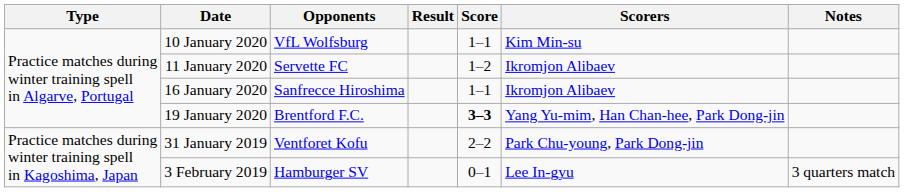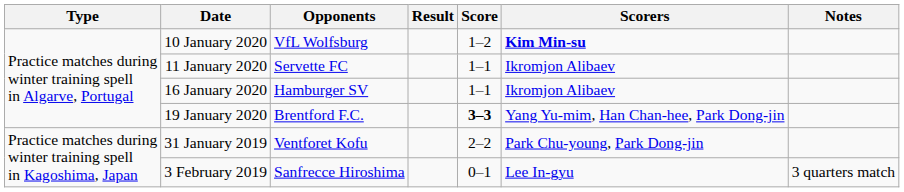 <table class="wikitable" style="text-align:center">
 <tr>
 <th>Type</th>
 <th>Date</th>
 <th>Opponents</th>
 <th>Result</th>
 <th>Score</th>
 <th>Scorers</th>
 <th>Notes</th>
 </tr>
 <tr>
 <td rowspan=4 align=left>Practice matches during<br>winter training spell <br>in <a href='#'>Algarve</a>, <a href='#'>Portugal</a></td>
 <td align=right>10 January 2020</td>
 <td align=left> <a href='#'>VfL Wolfsburg</a></td>
 <td></td>
-<td>1–1</td>
-<td align=left> <a href='#'>Kim Min-su</a></td>
+<td>1–2</td>
+<td align=left><strong> <a href='#'>Kim Min-su</a></strong></td>
 <td></td>
 </tr>
 <tr>
 <td align=right>11 January 2020</td>
 <td align=left> <a href='#'>Servette FC</a></td>
 <td></td>
-<td>1–2</td>
+<td>1–1</td>
 <td align=left> <a href='#'>Ikromjon Alibaev</a></td>
 <td></td>
 </tr>
 <tr>
 <td align=right>16 January 2020</td>
-<td align=left> <a href='#'>Sanfrecce Hiroshima</a></td>
+<td align=left> <a href='#'>Hamburger SV</a></td>
 <td></td>
 <td>1–1</td>
 <td align=left> <a href='#'>Ikromjon Alibaev</a></td>
 <td></td>
 </tr>
 <tr>
 <td align=right>19 January 2020</td>
 <td align=left> <a href='#'>Brentford F.C.</a></td>
 <td></td>
 <td><strong>3–3</strong></td>
 <td align=left> <a href='#'>Yang Yu-mim</a>, <a href='#'>Han Chan-hee</a>, <a href='#'>Park Dong-jin</a></td>
 <td></td>
 </tr>
 <tr>
 <td rowspan=2 align=left>Practice matches during<br>winter training spell <br>in <a href='#'>Kagoshima</a>, <a href='#'>Japan</a></td>
 <td align=right>31 January 2019</td>
 <td align=left> <a href='#'>Ventforet Kofu</a></td>
 <td></td>
 <td>2–2</td>
 <td align=left> <a href='#'>Park Chu-young</a>, <a href='#'>Park Dong-jin</a></td>
 <td></td>
 </tr>
 <tr>
 <td align=right>3 February 2019</td>
-<td align=left> <a href='#'>Hamburger SV</a></td>
+<td align=left> <a href='#'>Sanfrecce Hiroshima</a></td>
 <td></td>
 <td>0–1</td>
 <td align=left> <a href='#'>Lee In-gyu</a></td>
 <td>3 quarters match</td>
 </tr>
 </table>
